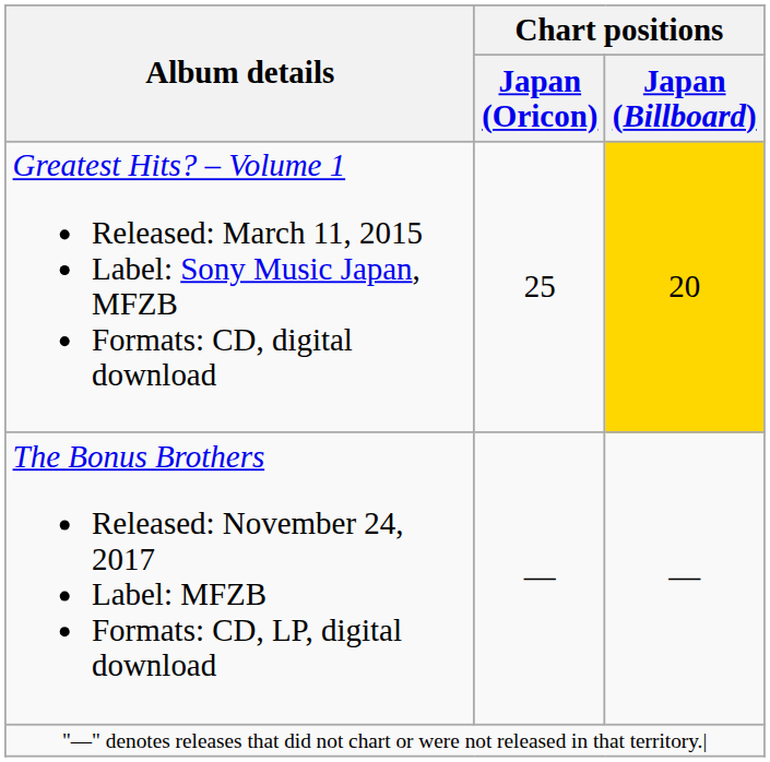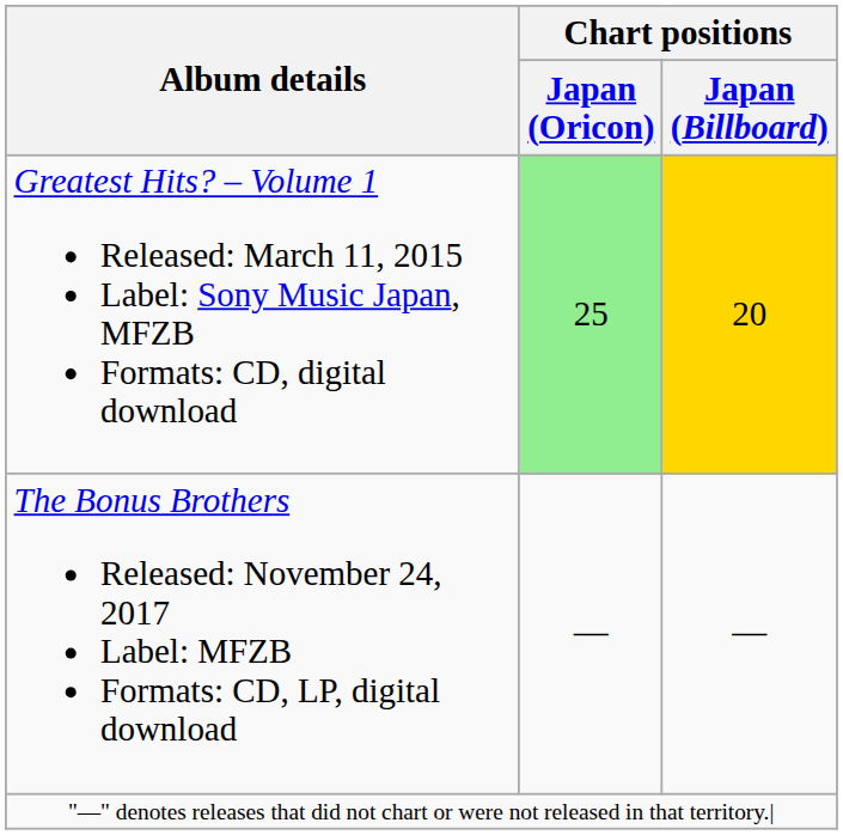 <table class="wikitable" style="text-align:center;">
 <tr>
 <th rowspan="2" width="230">Album details</th>
 <th colspan="2">Chart positions</th>
 </tr>
 <tr>
 <th width="30"><a href='#'>Japan (Oricon)</a></th>
 <th width="30"><a href='#'>Japan (<em>Billboard</em>)</a></th>
 </tr>
 <tr>
 <td style="text-align:left;"><em><a href='#'>Greatest Hits? – Volume 1</a></em><br><ul><li>Released: March 11, 2015</li><li>Label: <a href='#'>Sony Music Japan</a>, MFZB</li><li>Formats: CD, digital download</li></ul></td>
-<td>25</td>
+<td style="background: lightgreen;">25</td>
 <td style="background: gold;">20</td>
 </tr>
 <tr>
 <td style="text-align:left;"><em><a href='#'>The Bonus Brothers</a></em><br><ul><li>Released: November 24, 2017</li><li>Label: MFZB</li><li>Formats: CD, LP, digital download</li></ul></td>
 <td>—</td>
 <td>—</td>
 </tr>
 <tr>
 <td align="center" colspan="14" style="font-size: 8pt">"—" denotes releases that did not chart or were not released in that territory.|</td>
 </tr>
 </table>
